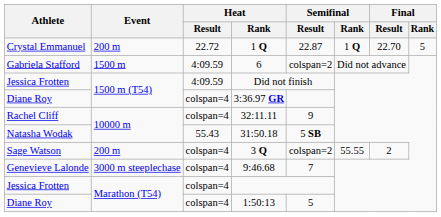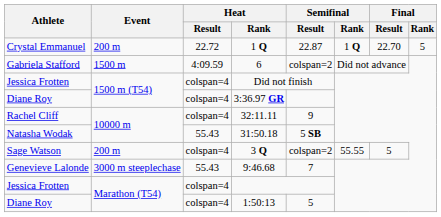 <table class="wikitable" style="font-size:90%">
 <tr>
 <th rowspan=2>Athlete</th>
 <th rowspan=2>Event</th>
 <th colspan=2>Heat</th>
 <th colspan=2>Semifinal</th>
 <th colspan=2>Final</th>
 </tr>
 <tr style="font-size:95%">
 <th>Result</th>
 <th>Rank</th>
 <th>Result</th>
 <th>Rank</th>
 <th>Result</th>
 <th>Rank</th>
 </tr>
 <tr align=center>
 <td align=left><a href='#'>Crystal Emmanuel</a></td>
 <td align=left><a href='#'>200 m</a></td>
 <td>22.72</td>
 <td>1 <strong>Q</strong></td>
 <td>22.87</td>
 <td>1 <strong>Q</strong></td>
 <td>22.70</td>
 <td>5</td>
 </tr>
 <tr align=center>
 <td align=left><a href='#'>Gabriela Stafford</a></td>
 <td align=left><a href='#'>1500 m</a></td>
 <td>4:09.59</td>
 <td>6</td>
 <td>colspan=2 </td>
 <td colspan=2>Did not advance</td>
 </tr>
 <tr align=center>
 <td align=left><a href='#'>Jessica Frotten</a></td>
 <td align=left rowspan=2><a href='#'>1500 m (T54)</a></td>
-<td>4:09.59</td>
+<td>colspan=4 </td>
 <td colspan=2>Did not finish</td>
 </tr>
 <tr align=center>
 <td align=left><a href='#'>Diane Roy</a></td>
 <td>colspan=4 </td>
 <td>3:36.97 <strong><a href='#'>GR</a></strong></td>
 <td></td>
 </tr>
 <tr align=center>
 <td align=left><a href='#'>Rachel Cliff</a></td>
 <td align=left rowspan=2><a href='#'>10000 m</a></td>
 <td>colspan=4 </td>
 <td>32:11.11</td>
 <td>9</td>
 </tr>
 <tr align=center>
 <td align=left><a href='#'>Natasha Wodak</a></td>
 <td>55.43</td>
 <td>31:50.18</td>
 <td>5 <strong>SB</strong></td>
 </tr>
 <tr align=center>
 <td align=left><a href='#'>Sage Watson</a></td>
 <td align=left><a href='#'>200 m</a></td>
 <td>colspan=4 </td>
 <td>3 <strong>Q</strong></td>
 <td>colspan=2 </td>
 <td>55.55</td>
-<td>2</td>
+<td>5</td>
 </tr>
 <tr align=center>
 <td align=left><a href='#'>Genevieve Lalonde</a></td>
 <td align=left><a href='#'>3000 m steeplechase</a></td>
-<td>colspan=4 </td>
+<td>55.43</td>
 <td>9:46.68</td>
 <td>7</td>
 </tr>
 <tr align=center>
 <td align=left><a href='#'>Jessica Frotten</a></td>
 <td align=left rowspan=2><a href='#'>Marathon (T54)</a></td>
 <td>colspan=4 </td>
 <td colspan=2></td>
 </tr>
 <tr align=center>
 <td align=left><a href='#'>Diane Roy</a></td>
 <td>colspan=4 </td>
 <td>1:50:13</td>
 <td>5</td>
 </tr>
 </table>
